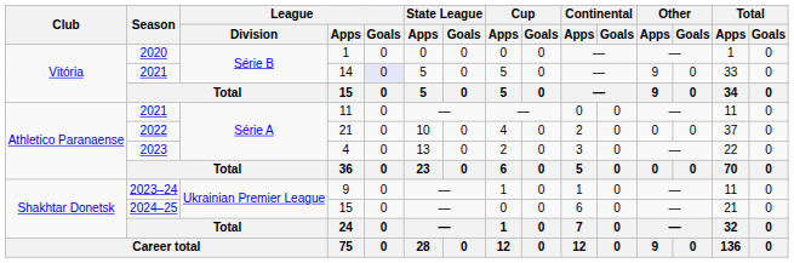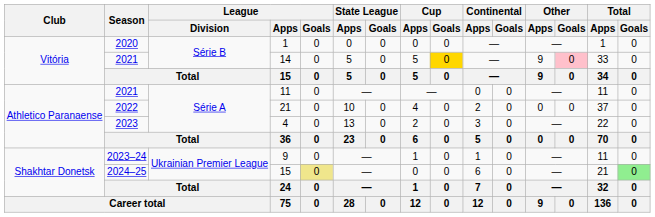 <table class="wikitable" style="text-align: center;">
 <tr>
 <th rowspan="2">Club</th>
 <th rowspan="2">Season</th>
 <th colspan="3">League</th>
 <th colspan="2">State League</th>
 <th colspan="2">Cup</th>
 <th colspan="2">Continental</th>
 <th colspan="2">Other</th>
 <th colspan="2">Total</th>
 </tr>
 <tr>
 <th>Division</th>
 <th>Apps</th>
 <th>Goals</th>
 <th>Apps</th>
 <th>Goals</th>
 <th>Apps</th>
 <th>Goals</th>
 <th>Apps</th>
 <th>Goals</th>
 <th>Apps</th>
 <th>Goals</th>
 <th>Apps</th>
 <th>Goals</th>
 </tr>
 <tr>
 <td rowspan="3" valign="center"><a href='#'>Vitória</a></td>
 <td><a href='#'>2020</a></td>
 <td rowspan="2"><a href='#'>Série B</a></td>
 <td>1</td>
 <td>0</td>
 <td>0</td>
 <td>0</td>
 <td>0</td>
 <td>0</td>
 <td colspan="2">—</td>
 <td colspan="2">—</td>
 <td>1</td>
 <td>0</td>
 </tr>
 <tr>
 <td><a href='#'>2021</a></td>
 <td>14</td>
-<td style="background: lavender;">0</td>
+<td>0</td>
 <td>5</td>
 <td>0</td>
 <td>5</td>
-<td>0</td>
+<td style="background: gold;">0</td>
 <td colspan="2">—</td>
 <td>9</td>
-<td>0</td>
+<td style="background: pink;">0</td>
 <td>33</td>
 <td>0</td>
 </tr>
 <tr>
 <th colspan="2">Total</th>
 <th>15</th>
 <th>0</th>
 <th>5</th>
 <th>0</th>
 <th>5</th>
 <th>0</th>
 <th colspan="2">—</th>
 <th>9</th>
 <th>0</th>
 <th>34</th>
 <th>0</th>
 </tr>
 <tr>
 <td rowspan="4" valign="center"><a href='#'>Athletico Paranaense</a></td>
 <td><a href='#'>2021</a></td>
 <td rowspan="3"><a href='#'>Série A</a></td>
 <td>11</td>
 <td>0</td>
 <td colspan="2">—</td>
 <td colspan="2">—</td>
 <td>0</td>
 <td>0</td>
 <td colspan="2">—</td>
 <td>11</td>
 <td>0</td>
 </tr>
 <tr>
 <td><a href='#'>2022</a></td>
 <td>21</td>
 <td>0</td>
 <td>10</td>
 <td>0</td>
 <td>4</td>
 <td>0</td>
 <td>2</td>
 <td>0</td>
 <td>0</td>
 <td>0</td>
 <td>37</td>
 <td>0</td>
 </tr>
 <tr>
 <td><a href='#'>2023</a></td>
 <td>4</td>
 <td>0</td>
 <td>13</td>
 <td>0</td>
 <td>2</td>
 <td>0</td>
 <td>3</td>
 <td>0</td>
 <td colspan="2">—</td>
 <td>22</td>
 <td>0</td>
 </tr>
 <tr>
 <th colspan="2">Total</th>
 <th>36</th>
 <th>0</th>
 <th>23</th>
 <th>0</th>
 <th>6</th>
 <th>0</th>
 <th>5</th>
 <th>0</th>
 <th>0</th>
 <th>0</th>
 <th>70</th>
 <th>0</th>
 </tr>
 <tr>
 <td rowspan="3"><a href='#'>Shakhtar Donetsk</a></td>
 <td><a href='#'>2023–24</a></td>
 <td rowspan="2"><a href='#'>Ukrainian Premier League</a></td>
 <td>9</td>
 <td>0</td>
 <td colspan="2">—</td>
 <td>1</td>
 <td>0</td>
 <td>1</td>
 <td>0</td>
 <td colspan="2">—</td>
 <td>11</td>
 <td>0</td>
 </tr>
 <tr>
 <td><a href='#'>2024–25</a></td>
 <td>15</td>
-<td>0</td>
+<td style="background: khaki;">0</td>
 <td colspan="2">—</td>
 <td>0</td>
 <td>0</td>
 <td>6</td>
 <td>0</td>
 <td colspan="2">—</td>
 <td>21</td>
-<td>0</td>
+<td style="background: lightgreen;">0</td>
 </tr>
 <tr>
 <th colspan="2">Total</th>
 <th>24</th>
 <th>0</th>
 <th colspan="2">—</th>
 <th>1</th>
 <th>0</th>
 <th>7</th>
 <th>0</th>
 <th colspan="2">—</th>
 <th>32</th>
 <th>0</th>
 </tr>
 <tr>
 <th colspan="3"><strong>Career total</strong></th>
 <th>75</th>
 <th>0</th>
 <th>28</th>
 <th>0</th>
 <th>12</th>
 <th>0</th>
 <th>12</th>
 <th>0</th>
 <th>9</th>
 <th>0</th>
 <th>136</th>
 <th>0</th>
 </tr>
 </table>
